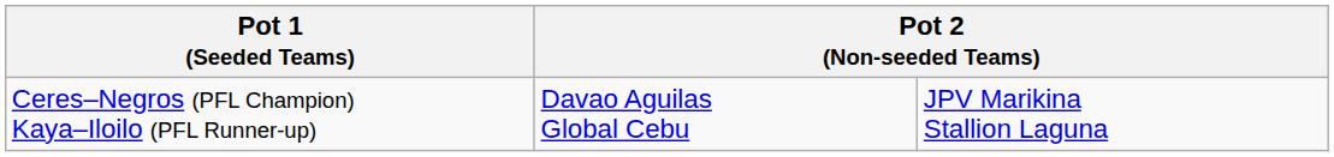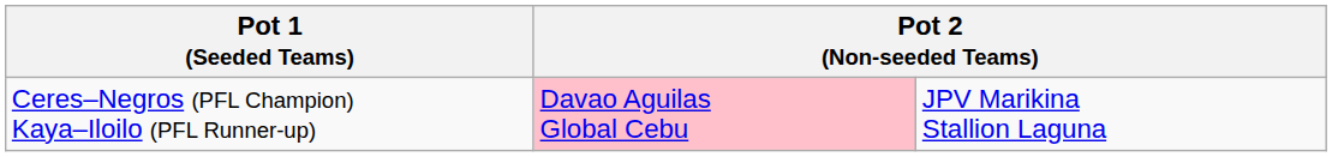 <table class="wikitable" style="width:50%;">
 <tr>
 <th width=20%>Pot 1<br><small>(Seeded Teams)</small></th>
 <th width=30% colspan=2>Pot 2<br><small>(Non-seeded Teams)</small></th>
 </tr>
 <tr>
 <td><a href='#'>Ceres–Negros</a> <small>(PFL Champion)</small><br><a href='#'>Kaya–Iloilo</a> <small>(PFL Runner-up)</small></td>
-<td><a href='#'>Davao Aguilas</a><br><a href='#'>Global Cebu</a></td>
+<td style="background: pink;"><a href='#'>Davao Aguilas</a><br><a href='#'>Global Cebu</a></td>
 <td><a href='#'>JPV Marikina</a><br><a href='#'>Stallion Laguna</a></td>
 </tr>
 </table>
